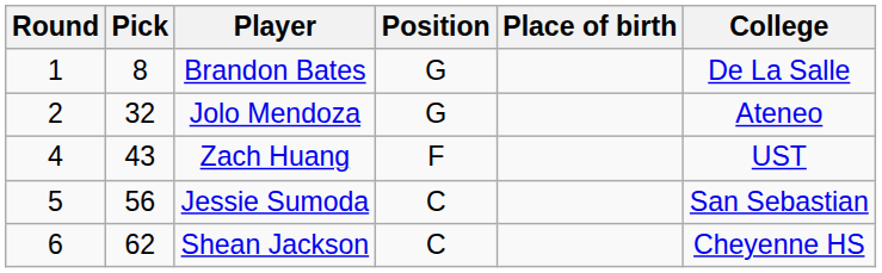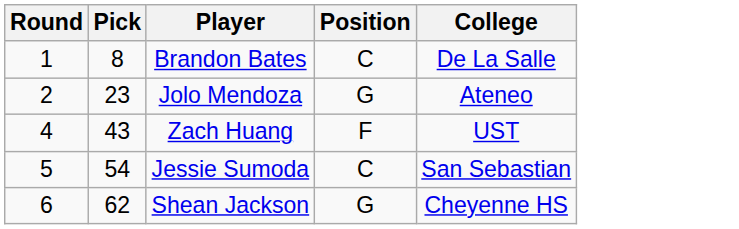 <table class="wikitable sortable sortable" style="text-align:center">
 <tr>
 <th>Round</th>
 <th>Pick</th>
 <th>Player</th>
 <th>Position</th>
-<th>Place of birth</th>
 <th>College</th>
 </tr>
 <tr>
 <td>1</td>
 <td>8</td>
 <td><a href='#'>Brandon Bates</a></td>
-<td>G</td>
-<td></td>
+<td>C</td>
 <td><a href='#'>De La Salle</a></td>
 </tr>
 <tr>
 <td>2</td>
-<td>32</td>
+<td>23</td>
 <td><a href='#'>Jolo Mendoza</a></td>
 <td>G</td>
-<td></td>
 <td><a href='#'>Ateneo</a></td>
 </tr>
 <tr>
 <td>4</td>
 <td>43</td>
 <td><a href='#'>Zach Huang</a></td>
 <td>F</td>
-<td></td>
 <td><a href='#'>UST</a></td>
 </tr>
 <tr>
 <td>5</td>
-<td>56</td>
+<td>54</td>
 <td><a href='#'>Jessie Sumoda</a></td>
 <td>C</td>
-<td></td>
 <td><a href='#'>San Sebastian</a></td>
 </tr>
 <tr>
 <td>6</td>
 <td>62</td>
 <td><a href='#'>Shean Jackson</a></td>
-<td>C</td>
-<td></td>
+<td>G</td>
 <td><a href='#'>Cheyenne HS</a></td>
 </tr>
 </table>
